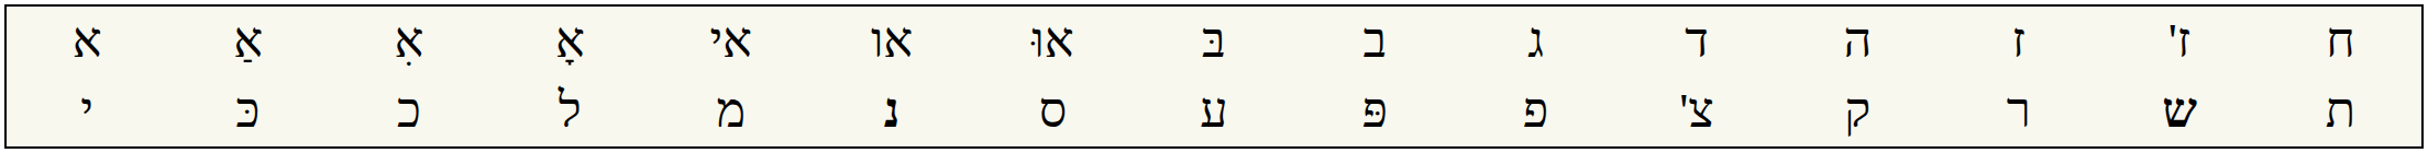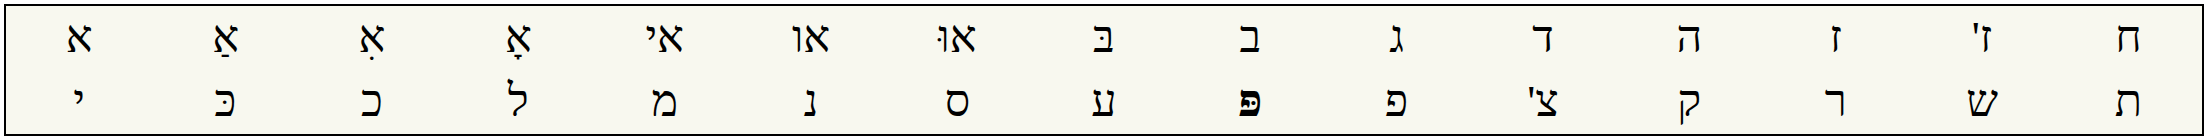 <table style="font-family:Arial Unicode MS; font-size:1.4em; border-color:#000000; border-width:1px; border-style:solid; border-collapse:collapse; background-color:#F8F8EF">
 <tr>
 <td style="width:3em; text-align:center; padding: 3px;">א</td>
 <td style="width:3em; text-align:center; padding: 3px;">אַ</td>
 <td style="width:3em; text-align:center; padding: 3px;">אִ</td>
 <td style="width:3em; text-align:center; padding: 3px;">אָ</td>
 <td style="width:3em; text-align:center; padding: 3px;">אי</td>
 <td style="width:3em; text-align:center; padding: 3px;">או</td>
 <td style="width:3em; text-align:center; padding: 3px;">אוּ</td>
 <td style="width:3em; text-align:center; padding: 3px;">בּ</td>
 <td style="width:3em; text-align:center; padding: 3px;">ב</td>
 <td style="width:3em; text-align:center; padding: 3px;">ג</td>
 <td style="width:3em; text-align:center; padding: 3px;">ד</td>
 <td style="width:3em; text-align:center; padding: 3px;">ה</td>
 <td style="width:3em; text-align:center; padding: 3px;">ז</td>
 <td style="width:3em; text-align:center; padding: 3px;">'ז</td>
 <td style="width:3em; text-align:center; padding: 3px;">ח</td>
 </tr>
 <tr>
 <td style="width:3em; text-align:center; padding: 3px;">י</td>
 <td style="width:3em; text-align:center; padding: 3px;">כּ</td>
 <td style="width:3em; text-align:center; padding: 3px;">כ</td>
 <td style="width:3em; text-align:center; padding: 3px;">ל</td>
 <td style="width:3em; text-align:center; padding: 3px;">מ</td>
-<td style="width:3em; text-align:center; padding: 3px;"><strong>נ</strong></td>
+<td style="width:3em; text-align:center; padding: 3px;">נ</td>
 <td style="width:3em; text-align:center; padding: 3px;">ס</td>
 <td style="width:3em; text-align:center; padding: 3px;">ע</td>
-<td style="width:3em; text-align:center; padding: 3px;">פּ</td>
+<td style="width:3em; text-align:center; padding: 3px;"><strong>פּ</strong></td>
 <td style="width:3em; text-align:center; padding: 3px;">פ</td>
 <td style="width:3em; text-align:center; padding: 3px;">'צ</td>
 <td style="width:3em; text-align:center; padding: 3px;">ק</td>
 <td style="width:3em; text-align:center; padding: 3px;">ר</td>
-<td style="width:3em; text-align:center; padding: 3px;"><strong>ש</strong></td>
+<td style="width:3em; text-align:center; padding: 3px;">ש</td>
 <td style="width:3em; text-align:center; padding: 3px;">ת</td>
 </tr>
 </table>
